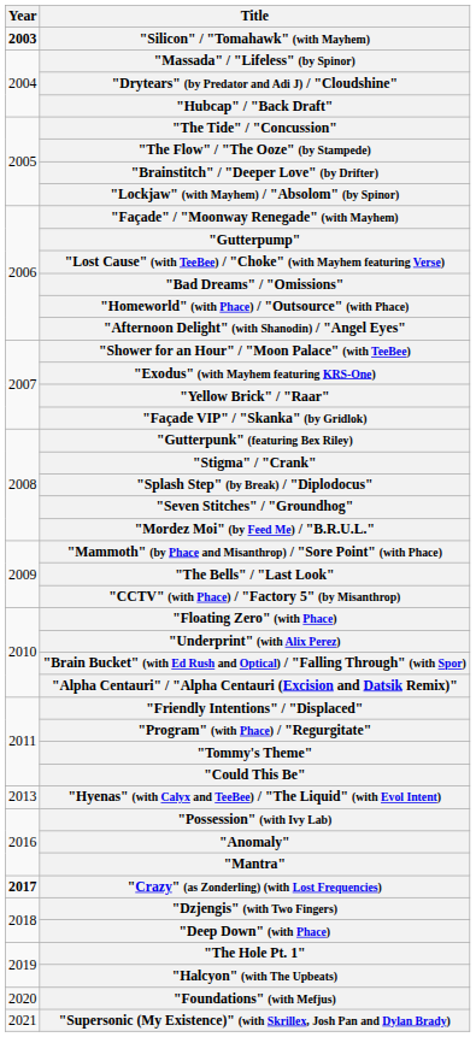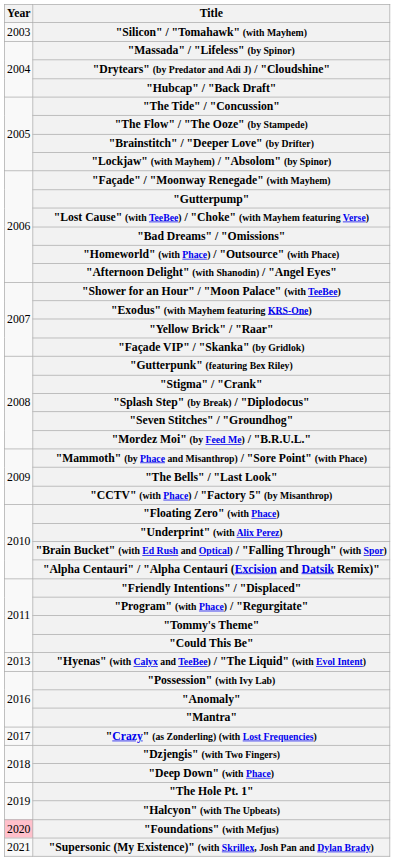 <table class="wikitable plainrowheaders" style="text-align:center;">
 <tr>
 <th scope="col">Year</th>
 <th scope="col">Title</th>
 </tr>
 <tr>
-<td><strong>2003</strong></td>
+<td>2003</td>
 <th scope="row">"Silicon" / "Tomahawk" <small>(with Mayhem)</small></th>
 </tr>
 <tr>
 <td rowspan="3">2004</td>
 <th scope="row">"Massada" / "Lifeless" <small>(by Spinor)</small></th>
 </tr>
 <tr>
 <th scope="row">"Drytears" <small>(by Predator and Adi J)</small> / "Cloudshine"</th>
 </tr>
 <tr>
 <th scope="row">"Hubcap" / "Back Draft"</th>
 </tr>
 <tr>
 <td rowspan="4">2005</td>
 <th scope="row">"The Tide" / "Concussion"</th>
 </tr>
 <tr>
 <th scope="row">"The Flow" / "The Ooze" <small>(by Stampede)</small></th>
 </tr>
 <tr>
 <th scope="row">"Brainstitch" / "Deeper Love" <small>(by Drifter)</small></th>
 </tr>
 <tr>
 <th scope="row">"Lockjaw" <small>(with Mayhem)</small> / "Absolom" <small>(by Spinor)</small></th>
 </tr>
 <tr>
 <td rowspan="6">2006</td>
 <th scope="row">"Façade" / "Moonway Renegade" <small>(with Mayhem)</small></th>
 </tr>
 <tr>
 <th scope="row">"Gutterpump"</th>
 </tr>
 <tr>
 <th scope="row">"Lost Cause" <small>(with <a href='#'>TeeBee</a>)</small> / "Choke" <small>(with Mayhem featuring <a href='#'>Verse</a>)</small></th>
 </tr>
 <tr>
 <th scope="row">"Bad Dreams" / "Omissions"</th>
 </tr>
 <tr>
 <th scope="row">"Homeworld" <small>(with <a href='#'>Phace</a>)</small> / "Outsource" <small>(with Phace)</small></th>
 </tr>
 <tr>
 <th scope="row">"Afternoon Delight" <small>(with Shanodin)</small> / "Angel Eyes"</th>
 </tr>
 <tr>
 <td rowspan="4">2007</td>
 <th scope="row">"Shower for an Hour" / "Moon Palace" <small>(with <a href='#'>TeeBee</a>)</small></th>
 </tr>
 <tr>
 <th scope="row">"Exodus" <small>(with Mayhem featuring <a href='#'>KRS-One</a>)</small></th>
 </tr>
 <tr>
 <th scope="row">"Yellow Brick" / "Raar"</th>
 </tr>
 <tr>
 <th scope="row">"Façade VIP" / "Skanka" <small>(by Gridlok)</small></th>
 </tr>
 <tr>
 <td rowspan="5">2008</td>
 <th scope="row">"Gutterpunk" <small>(featuring Bex Riley)</small></th>
 </tr>
 <tr>
 <th scope="row">"Stigma" / "Crank"</th>
 </tr>
 <tr>
 <th scope="row">"Splash Step" <small>(by Break)</small> / "Diplodocus"</th>
 </tr>
 <tr>
 <th scope="row">"Seven Stitches" / "Groundhog"</th>
 </tr>
 <tr>
 <th scope="row">"Mordez Moi" <small>(by <a href='#'>Feed Me</a>)</small> / "B.R.U.L."</th>
 </tr>
 <tr>
 <td rowspan="3">2009</td>
 <th scope="row">"Mammoth" <small>(by <a href='#'>Phace</a> and Misanthrop)</small> / "Sore Point" <small>(with Phace)</small></th>
 </tr>
 <tr>
 <th scope="row">"The Bells" / "Last Look"</th>
 </tr>
 <tr>
 <th scope="row">"CCTV" <small>(with <a href='#'>Phace</a>)</small> / "Factory 5" <small>(by Misanthrop)</small></th>
 </tr>
 <tr>
 <td rowspan="4">2010</td>
 <th scope="row">"Floating Zero" <small>(with <a href='#'>Phace</a>)</small></th>
 </tr>
 <tr>
 <th scope="row">"Underprint" <small>(with <a href='#'>Alix Perez</a>)</small></th>
 </tr>
 <tr>
 <th scope="row">"Brain Bucket" <small>(with <a href='#'>Ed Rush</a> and <a href='#'>Optical</a>)</small> / "Falling Through" <small>(with <a href='#'>Spor</a>)</small></th>
 </tr>
 <tr>
 <th scope="row">"Alpha Centauri" / "Alpha Centauri (<a href='#'>Excision</a> and <a href='#'>Datsik</a> Remix)"</th>
 </tr>
 <tr>
 <td rowspan="4">2011</td>
 <th scope="row">"Friendly Intentions" / "Displaced"</th>
 </tr>
 <tr>
 <th scope="row">"Program" <small>(with <a href='#'>Phace</a>)</small> / "Regurgitate"</th>
 </tr>
 <tr>
 <th scope="row">"Tommy's Theme"</th>
 </tr>
 <tr>
 <th scope="row">"Could This Be"</th>
 </tr>
 <tr>
 <td>2013</td>
 <th scope="row">"Hyenas" <small>(with <a href='#'>Calyx</a> and <a href='#'>TeeBee</a>)</small> / "The Liquid" <small>(with <a href='#'>Evol Intent</a>)</small></th>
 </tr>
 <tr>
 <td rowspan="3">2016</td>
 <th scope="row">"Possession" <small>(with Ivy Lab)</small></th>
 </tr>
 <tr>
 <th scope="row">"Anomaly"</th>
 </tr>
 <tr>
 <th scope="row">"Mantra"</th>
 </tr>
 <tr>
-<td><strong>2017</strong></td>
+<td>2017</td>
 <th scope="row">"<a href='#'>Crazy</a>" <small>(as Zonderling) (with <a href='#'>Lost Frequencies</a>)</small></th>
 </tr>
 <tr>
 <td rowspan="2">2018</td>
 <th scope="row">"Dzjengis" <small>(with Two Fingers)</small></th>
 </tr>
 <tr>
 <th scope="row">"Deep Down" <small>(with <a href='#'>Phace</a>)</small></th>
 </tr>
 <tr>
 <td rowspan="2">2019</td>
 <th scope="row">"The Hole Pt. 1"</th>
 </tr>
 <tr>
 <th scope="row">"Halcyon" <small>(with The Upbeats)</small></th>
 </tr>
 <tr>
-<td>2020</td>
+<td style="background: pink;">2020</td>
 <th scope="row">"Foundations" <small>(with Mefjus)</small></th>
 </tr>
 <tr>
 <td>2021</td>
 <th scope="row">"Supersonic (My Existence)" <small>(with <a href='#'>Skrillex</a>, Josh Pan and <a href='#'>Dylan Brady</a>)</small></th>
 </tr>
 </table>
